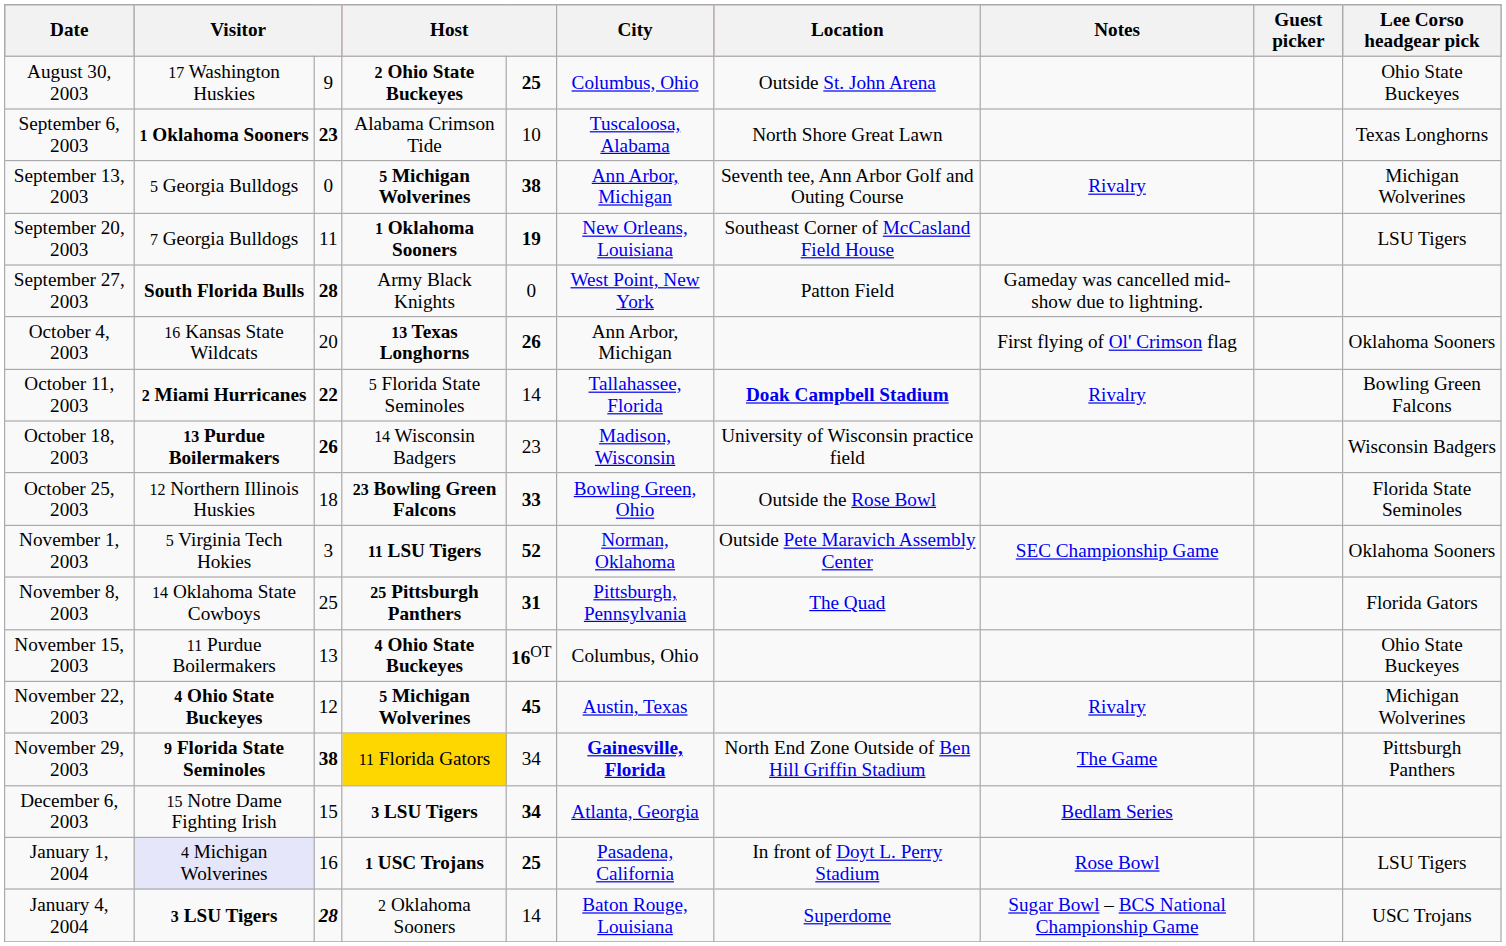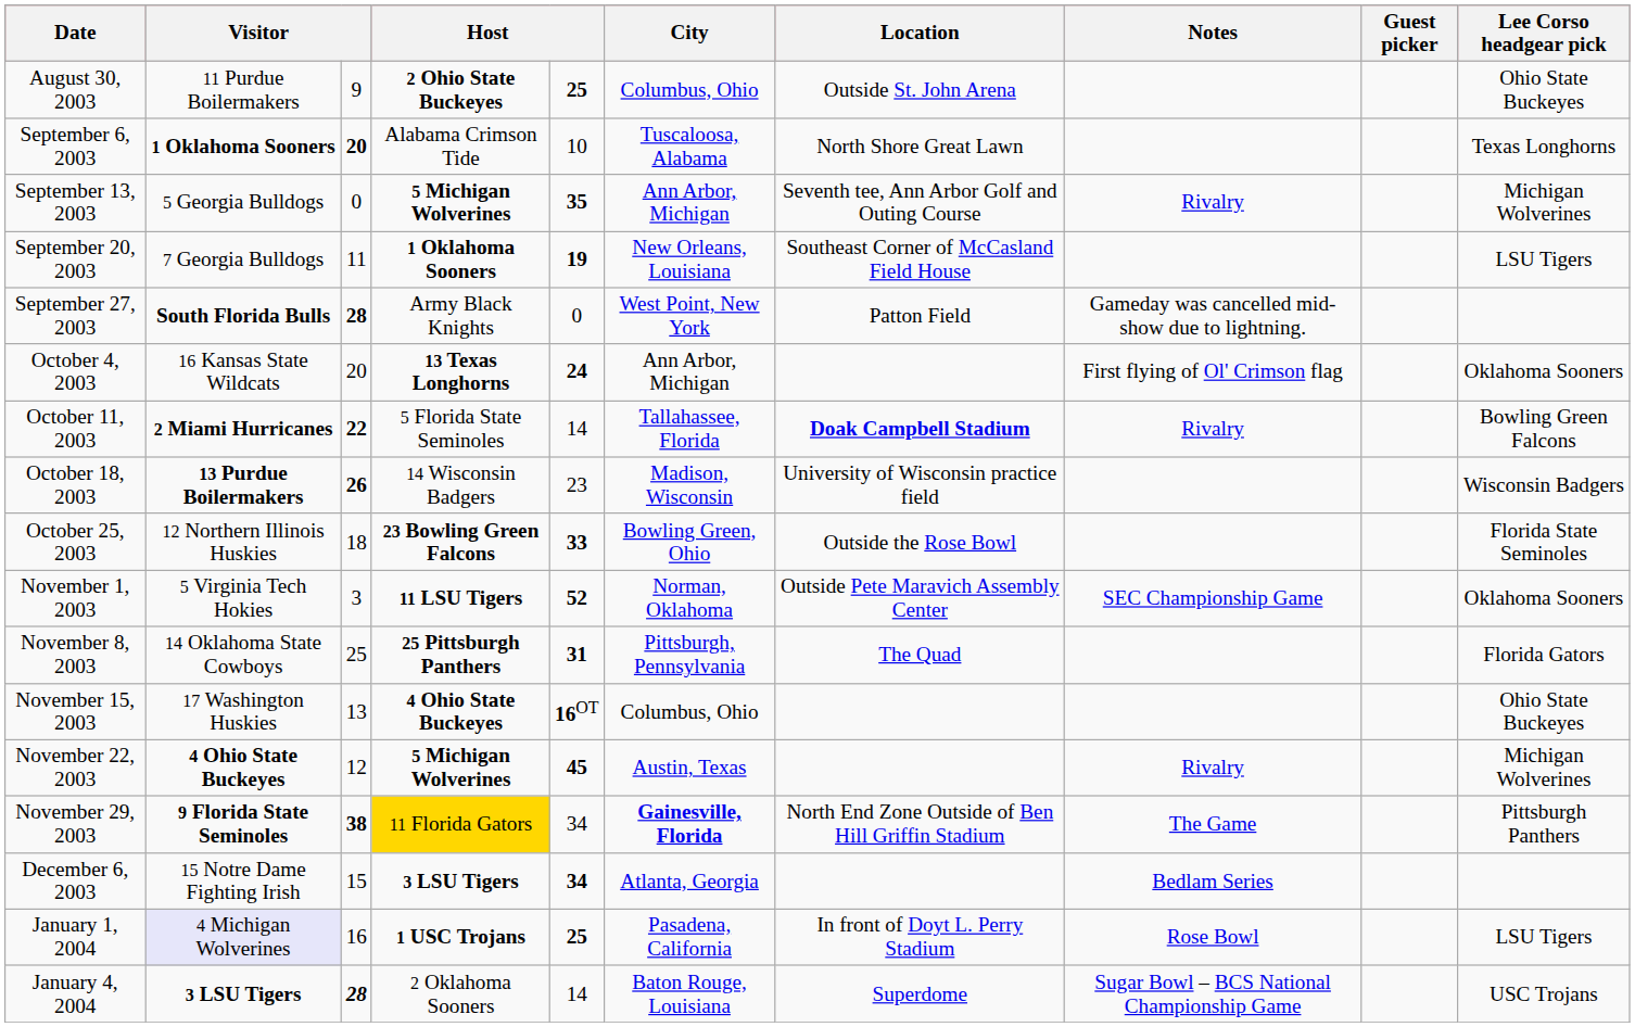 <table class="wikitable" style="text-align:center">
 <tr style="background:#A32638;"|>
 <th>Date</th>
 <th colspan=2>Visitor</th>
 <th colspan=2>Host</th>
 <th>City</th>
 <th>Location</th>
 <th>Notes</th>
 <th>Guest picker</th>
 <th>Lee Corso headgear pick</th>
 </tr>
 <tr>
 <td>August 30, 2003</td>
-<td><small>17</small> Washington Huskies</td>
+<td><small>11</small> Purdue Boilermakers</td>
 <td>9</td>
 <td><strong><small>2</small> Ohio State Buckeyes</strong></td>
 <td><strong>25</strong></td>
 <td><a href='#'>Columbus, Ohio</a></td>
 <td>Outside <a href='#'>St. John Arena</a></td>
 <td></td>
 <td></td>
 <td>Ohio State Buckeyes</td>
 </tr>
 <tr>
 <td>September 6, 2003</td>
 <td><strong><small>1</small> Oklahoma Sooners</strong></td>
-<td><strong>23</strong></td>
+<td><strong>20</strong></td>
 <td>Alabama Crimson Tide</td>
 <td>10</td>
 <td><a href='#'>Tuscaloosa, Alabama</a></td>
 <td>North Shore Great Lawn</td>
 <td></td>
 <td></td>
 <td>Texas Longhorns</td>
 </tr>
 <tr>
 <td>September 13, 2003</td>
 <td><small>5</small> Georgia Bulldogs</td>
 <td>0</td>
 <td><strong><small>5</small> Michigan Wolverines</strong></td>
-<td><strong>38</strong></td>
+<td><strong>35</strong></td>
 <td><a href='#'>Ann Arbor, Michigan</a></td>
 <td>Seventh tee, Ann Arbor Golf and Outing Course</td>
 <td><a href='#'>Rivalry</a></td>
 <td></td>
 <td>Michigan Wolverines</td>
 </tr>
 <tr>
 <td>September 20, 2003</td>
 <td><small>7</small> Georgia Bulldogs</td>
 <td>11</td>
 <td><strong><small>1</small> Oklahoma Sooners</strong></td>
 <td><strong>19</strong></td>
 <td><a href='#'>New Orleans, Louisiana</a></td>
 <td>Southeast Corner of <a href='#'>McCasland Field House</a></td>
 <td></td>
 <td></td>
 <td>LSU Tigers</td>
 </tr>
 <tr>
 <td>September 27, 2003</td>
 <td><strong>South Florida Bulls</strong></td>
 <td><strong>28</strong></td>
 <td>Army Black Knights</td>
 <td>0</td>
 <td><a href='#'>West Point, New York</a></td>
 <td>Patton Field</td>
 <td>Gameday was cancelled mid-show due to lightning.</td>
 <td></td>
 <td></td>
 </tr>
 <tr>
 <td>October 4, 2003</td>
 <td><small>16</small> Kansas State Wildcats</td>
 <td>20</td>
 <td><strong><small>13</small> Texas Longhorns</strong></td>
-<td><strong>26</strong></td>
+<td><strong>24</strong></td>
 <td>Ann Arbor, Michigan</td>
 <td></td>
 <td>First flying of <a href='#'>Ol' Crimson</a> flag</td>
 <td></td>
 <td>Oklahoma Sooners</td>
 </tr>
 <tr>
 <td>October 11, 2003</td>
 <td><strong><small>2</small> Miami Hurricanes</strong></td>
 <td><strong>22</strong></td>
 <td><small>5</small> Florida State Seminoles</td>
 <td>14</td>
 <td><a href='#'>Tallahassee, Florida</a></td>
 <td><strong><a href='#'>Doak Campbell Stadium</a></strong></td>
 <td><a href='#'>Rivalry</a></td>
 <td></td>
 <td>Bowling Green Falcons</td>
 </tr>
 <tr>
 <td>October 18, 2003</td>
 <td><strong><small>13</small> Purdue Boilermakers</strong></td>
 <td><strong>26</strong></td>
 <td><small>14</small> Wisconsin Badgers</td>
 <td>23</td>
 <td><a href='#'>Madison, Wisconsin</a></td>
 <td>University of Wisconsin practice field</td>
 <td></td>
 <td></td>
 <td>Wisconsin Badgers</td>
 </tr>
 <tr>
 <td>October 25, 2003</td>
 <td><small>12</small> Northern Illinois Huskies</td>
 <td>18</td>
 <td><strong><small>23</small> Bowling Green Falcons</strong></td>
 <td><strong>33</strong></td>
 <td><a href='#'>Bowling Green, Ohio</a></td>
 <td>Outside the <a href='#'>Rose Bowl</a></td>
 <td></td>
 <td></td>
 <td>Florida State Seminoles</td>
 </tr>
 <tr>
 <td>November 1, 2003</td>
 <td><small>5</small> Virginia Tech Hokies</td>
 <td>3</td>
 <td><strong><small>11</small> LSU Tigers</strong></td>
 <td><strong>52</strong></td>
 <td><a href='#'>Norman, Oklahoma</a></td>
 <td>Outside <a href='#'>Pete Maravich Assembly Center</a></td>
 <td><a href='#'>SEC Championship Game</a></td>
 <td></td>
 <td>Oklahoma Sooners</td>
 </tr>
 <tr>
 <td>November 8, 2003</td>
 <td><small>14</small> Oklahoma State Cowboys</td>
 <td>25</td>
 <td><strong><small>25</small> Pittsburgh Panthers</strong></td>
 <td><strong>31</strong></td>
 <td><a href='#'>Pittsburgh, Pennsylvania</a></td>
 <td><a href='#'>The Quad</a></td>
 <td></td>
 <td></td>
 <td>Florida Gators</td>
 </tr>
 <tr>
 <td>November 15, 2003</td>
-<td><small>11</small> Purdue Boilermakers</td>
+<td><small>17</small> Washington Huskies</td>
 <td>13</td>
 <td><strong><small>4</small> Ohio State Buckeyes</strong></td>
 <td><strong>16</strong><sup>OT</sup></td>
 <td>Columbus, Ohio</td>
 <td></td>
 <td></td>
 <td></td>
 <td>Ohio State Buckeyes</td>
 </tr>
 <tr>
 <td>November 22, 2003</td>
 <td><strong><small>4</small> Ohio State Buckeyes</strong></td>
 <td>12</td>
 <td><strong><small>5</small> Michigan Wolverines</strong></td>
 <td><strong>45</strong></td>
 <td><a href='#'>Austin, Texas</a></td>
 <td></td>
 <td><a href='#'>Rivalry</a></td>
 <td></td>
 <td>Michigan Wolverines</td>
 </tr>
 <tr>
 <td>November 29, 2003</td>
 <td><strong><small>9</small> Florida State Seminoles</strong></td>
 <td><strong>38</strong></td>
 <td style="background: gold;"><small>11</small> Florida Gators</td>
 <td>34</td>
 <td><strong><a href='#'>Gainesville, Florida</a></strong></td>
 <td>North End Zone Outside of <a href='#'>Ben Hill Griffin Stadium</a></td>
 <td><a href='#'>The Game</a></td>
 <td></td>
 <td>Pittsburgh Panthers</td>
 </tr>
 <tr>
 <td>December 6, 2003</td>
 <td><small>15</small> Notre Dame Fighting Irish</td>
 <td>15</td>
 <td><strong><small>3</small> LSU Tigers</strong></td>
 <td><strong>34</strong></td>
 <td><a href='#'>Atlanta, Georgia</a></td>
 <td></td>
 <td><a href='#'>Bedlam Series</a></td>
 <td></td>
 <td></td>
 </tr>
 <tr>
 <td>January 1, 2004</td>
 <td style="background: lavender;"><small>4</small> Michigan Wolverines</td>
 <td>16</td>
 <td><strong><small>1</small> USC Trojans</strong></td>
 <td><strong>25</strong></td>
 <td><a href='#'>Pasadena, California</a></td>
 <td>In front of <a href='#'>Doyt L. Perry Stadium</a></td>
 <td><a href='#'>Rose Bowl</a></td>
 <td></td>
 <td>LSU Tigers</td>
 </tr>
 <tr>
 <td>January 4, 2004</td>
 <td><strong><small>3</small> LSU Tigers</strong></td>
 <td><strong><em>28</em></strong></td>
 <td><small>2</small> Oklahoma Sooners</td>
 <td>14</td>
 <td><a href='#'>Baton Rouge, Louisiana</a></td>
 <td><a href='#'>Superdome</a></td>
 <td><a href='#'>Sugar Bowl</a> – <a href='#'>BCS National Championship Game</a></td>
 <td></td>
 <td>USC Trojans</td>
 </tr>
 </table>
